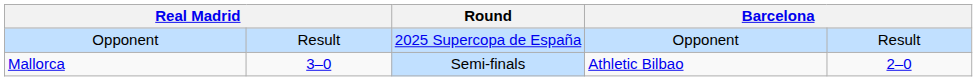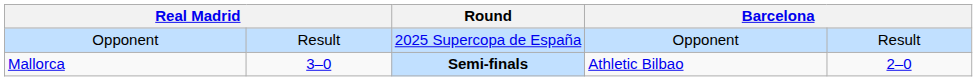 <table class="wikitable" style="text-align:center; white-space:nowrap;">
 <tr>
 <th colspan="2"><a href='#'>Real Madrid</a></th>
 <th>Round</th>
 <th colspan="2"><a href='#'>Barcelona</a></th>
 </tr>
 <tr style="background:#C1E0FF;">
 <td style="width:25%;">Opponent</td>
 <td style="width:15%;">Result</td>
 <td><a href='#'>2025 Supercopa de España</a></td>
 <td style="width:25%;">Opponent</td>
 <td style="width:15%;">Result</td>
 </tr>
 <tr>
 <td style="text-align:left;"><a href='#'>Mallorca</a></td>
 <td><a href='#'>3–0</a></td>
-<td style="background:#C1E0FF;">Semi-finals</td>
+<td style="background:#C1E0FF;"><strong>Semi-finals</strong></td>
 <td style="text-align:left;"><a href='#'>Athletic Bilbao</a></td>
 <td><a href='#'>2–0</a></td>
 </tr>
 </table>
